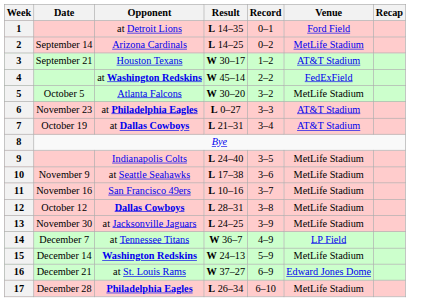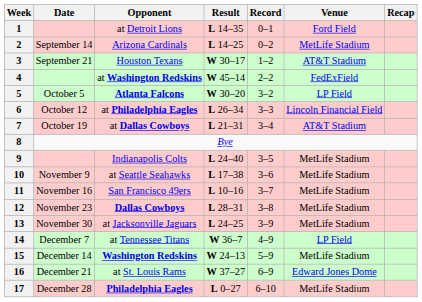 <table class="wikitable" style="text-align:center">
 <tr>
 <th>Week</th>
 <th>Date</th>
 <th>Opponent</th>
 <th>Result</th>
 <th>Record</th>
 <th>Venue</th>
 <th>Recap</th>
 </tr>
 <tr style="background:#fcc">
 <th>1</th>
 <td></td>
 <td>at <a href='#'>Detroit Lions</a></td>
 <td><strong>L</strong> 14–35</td>
 <td>0–1</td>
 <td><a href='#'>Ford Field</a></td>
 <td></td>
 </tr>
 <tr style="background:#fcc">
 <th>2</th>
 <td>September 14</td>
 <td><a href='#'>Arizona Cardinals</a></td>
 <td><strong>L</strong> 14–25</td>
 <td>0–2</td>
 <td><a href='#'>MetLife Stadium</a></td>
 <td></td>
 </tr>
 <tr style="background:#cfc">
 <th>3</th>
 <td>September 21</td>
 <td><a href='#'>Houston Texans</a></td>
 <td><strong>W</strong> 30–17</td>
 <td>1–2</td>
 <td><a href='#'>AT&T Stadium</a></td>
 <td></td>
 </tr>
 <tr style="background:#cfc">
 <th>4</th>
 <td></td>
 <td>at <strong><a href='#'>Washington Redskins</a></strong></td>
 <td><strong>W</strong> 45–14</td>
 <td>2–2</td>
 <td><a href='#'>FedExField</a></td>
 <td></td>
 </tr>
 <tr style="background:#cfc">
 <th>5</th>
 <td>October 5</td>
-<td><a href='#'>Atlanta Falcons</a></td>
+<td><strong><a href='#'>Atlanta Falcons</a></strong></td>
 <td><strong>W</strong> 30–20</td>
 <td>3–2</td>
-<td>MetLife Stadium</td>
+<td><a href='#'>LP Field</a></td>
 <td></td>
 </tr>
 <tr style="background:#fcc">
 <th>6</th>
-<td>November 23</td>
+<td>October 12</td>
 <td>at <strong><a href='#'>Philadelphia Eagles</a></strong></td>
-<td><strong>L</strong> 0–27</td>
+<td><strong>L</strong> 26–34</td>
 <td>3–3</td>
-<td><a href='#'>AT&T Stadium</a></td>
+<td><a href='#'>Lincoln Financial Field</a></td>
 <td></td>
 </tr>
 <tr style="background:#fcc">
 <th>7</th>
 <td>October 19</td>
 <td>at <strong><a href='#'>Dallas Cowboys</a></strong></td>
 <td><strong>L</strong> 21–31</td>
 <td>3–4</td>
 <td><a href='#'>AT&T Stadium</a></td>
 <td></td>
 </tr>
 <tr>
 <th>8</th>
 <td colspan="6"><em><a href='#'>Bye</a></em></td>
 </tr>
 <tr style="background:#fcc">
 <th>9</th>
 <td></td>
 <td><a href='#'>Indianapolis Colts</a></td>
 <td><strong>L</strong> 24–40</td>
 <td>3–5</td>
 <td>MetLife Stadium</td>
 <td></td>
 </tr>
 <tr style="background:#fcc">
 <th>10</th>
 <td>November 9</td>
 <td>at <a href='#'>Seattle Seahawks</a></td>
 <td><strong>L</strong> 17–38</td>
 <td>3–6</td>
 <td>MetLife Stadium</td>
 <td></td>
 </tr>
 <tr style="background:#fcc">
 <th>11</th>
 <td>November 16</td>
 <td><a href='#'>San Francisco 49ers</a></td>
 <td><strong>L</strong> 10–16</td>
 <td>3–7</td>
 <td>MetLife Stadium</td>
 <td></td>
 </tr>
 <tr style="background:#fcc">
 <th>12</th>
-<td>October 12</td>
+<td>November 23</td>
 <td><strong><a href='#'>Dallas Cowboys</a></strong></td>
 <td><strong>L</strong> 28–31</td>
 <td>3–8</td>
 <td>MetLife Stadium</td>
 <td></td>
 </tr>
 <tr style="background:#fcc">
 <th>13</th>
 <td>November 30</td>
 <td>at <a href='#'>Jacksonville Jaguars</a></td>
 <td><strong>L</strong> 24–25</td>
 <td>3–9</td>
 <td>MetLife Stadium</td>
 <td></td>
 </tr>
 <tr style="background:#cfc">
 <th>14</th>
 <td>December 7</td>
 <td>at <a href='#'>Tennessee Titans</a></td>
 <td><strong>W</strong> 36–7</td>
 <td>4–9</td>
 <td><a href='#'>LP Field</a></td>
 <td></td>
 </tr>
 <tr style="background:#cfc">
 <th>15</th>
 <td>December 14</td>
 <td><strong><a href='#'>Washington Redskins</a></strong></td>
 <td><strong>W</strong> 24–13</td>
 <td>5–9</td>
 <td>MetLife Stadium</td>
 <td></td>
 </tr>
 <tr style="background:#cfc">
 <th>16</th>
 <td>December 21</td>
 <td>at <a href='#'>St. Louis Rams</a></td>
 <td><strong>W</strong> 37–27</td>
 <td>6–9</td>
 <td><a href='#'>Edward Jones Dome</a></td>
 <td></td>
 </tr>
 <tr style="background:#fcc">
 <th>17</th>
 <td>December 28</td>
 <td><strong><a href='#'>Philadelphia Eagles</a></strong></td>
-<td><strong>L</strong> 26–34</td>
+<td><strong>L</strong> 0–27</td>
 <td>6–10</td>
 <td>MetLife Stadium</td>
 <td></td>
 </tr>
 </table>
